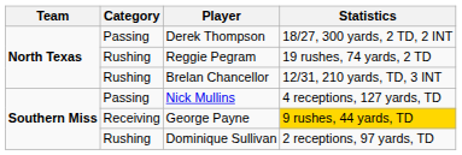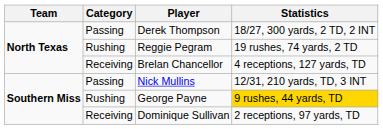 <table class="wikitable" style="float: right;">
 <tr>
 <th>Team</th>
 <th>Category</th>
 <th>Player</th>
 <th>Statistics</th>
 </tr>
 <tr>
 <td rowspan=3><strong>North Texas</strong></td>
 <td>Passing</td>
 <td>Derek Thompson</td>
 <td>18/27, 300 yards, 2 TD, 2 INT</td>
 </tr>
 <tr>
 <td>Rushing</td>
 <td>Reggie Pegram</td>
 <td>19 rushes, 74 yards, 2 TD</td>
 </tr>
 <tr>
-<td>Rushing</td>
+<td>Receiving</td>
 <td>Brelan Chancellor</td>
-<td>12/31, 210 yards, TD, 3 INT</td>
+<td>4 receptions, 127 yards, TD</td>
 </tr>
 <tr>
 <td rowspan=3><strong>Southern Miss</strong></td>
 <td>Passing</td>
 <td><a href='#'>Nick Mullins</a></td>
-<td>4 receptions, 127 yards, TD</td>
+<td>12/31, 210 yards, TD, 3 INT</td>
 </tr>
 <tr>
-<td>Receiving</td>
+<td>Rushing</td>
 <td>George Payne</td>
 <td style="background: gold;">9 rushes, 44 yards, TD</td>
 </tr>
 <tr>
-<td>Rushing</td>
+<td>Receiving</td>
 <td>Dominique Sullivan</td>
 <td>2 receptions, 97 yards, TD</td>
 </tr>
 </table>
